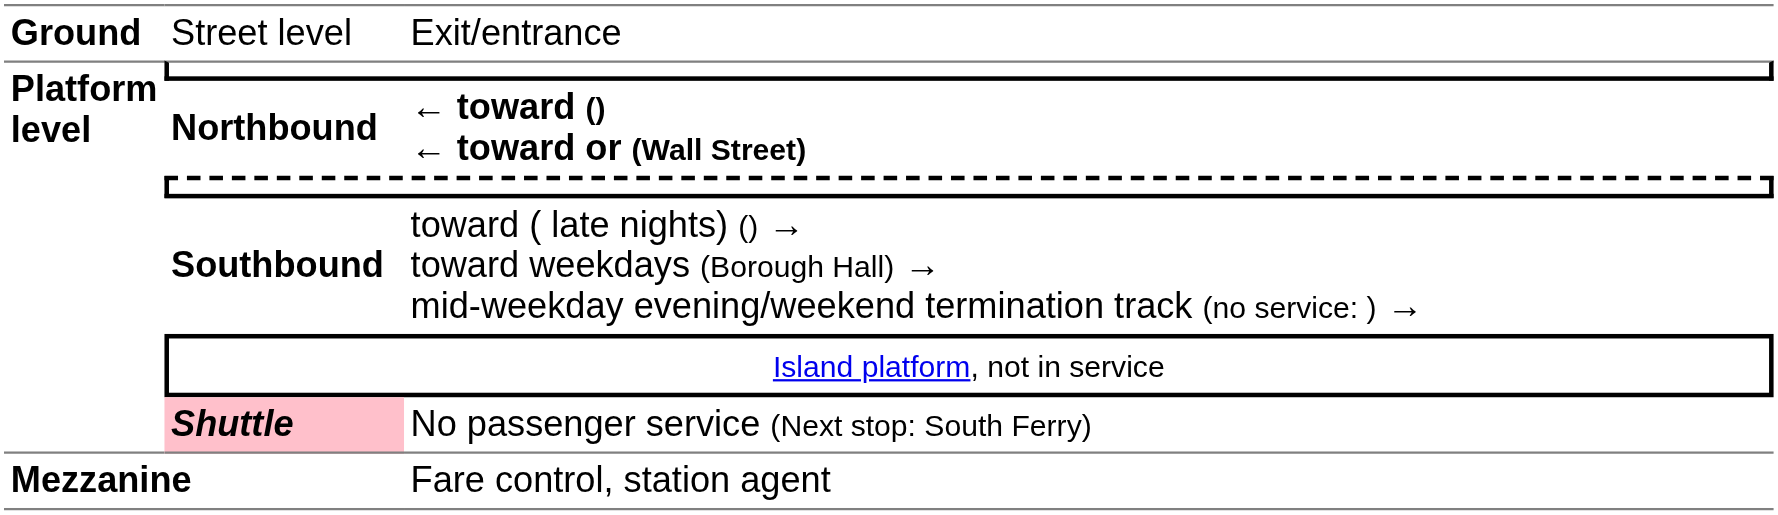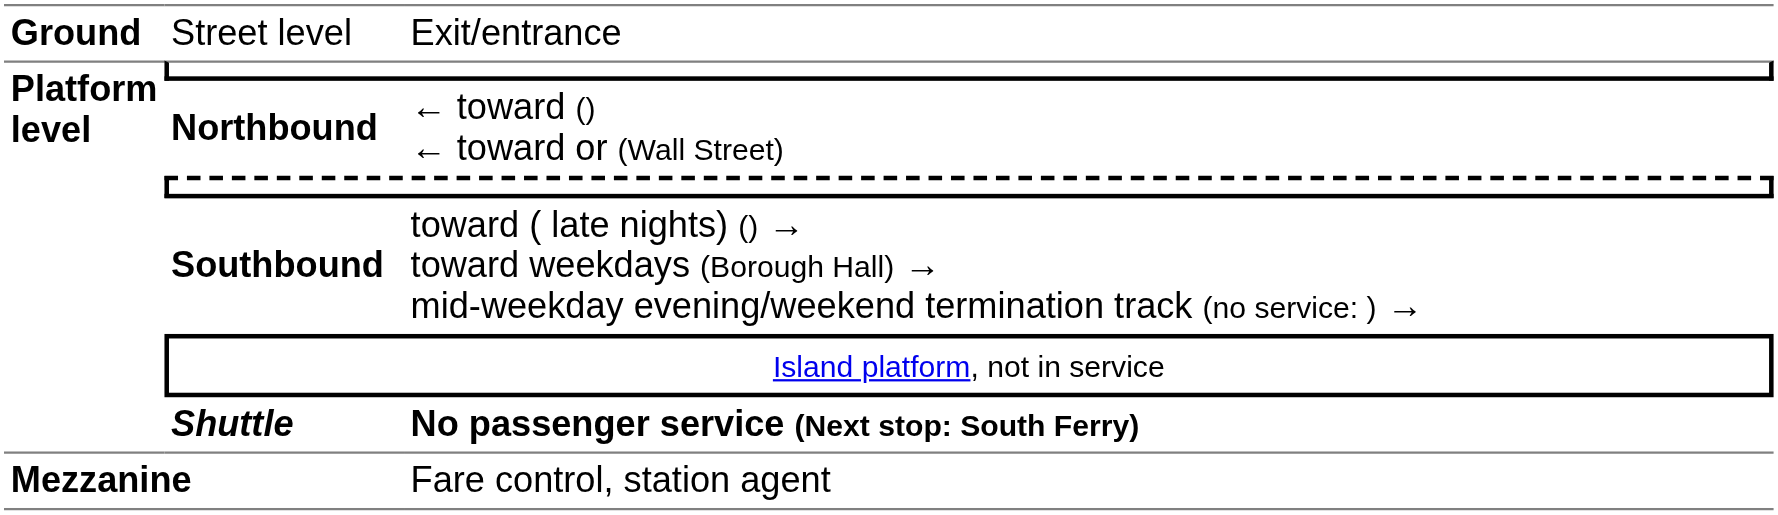 <table border=0 cellspacing=0 cellpadding=3>
 <tr>
 <td style="border-top:solid 1px gray;" width=50><strong>Ground</strong></td>
 <td style="border-top:solid 1px gray;" width=100>Street level</td>
 <td style="border-top:solid 1px gray;" width=600>Exit/entrance<br></td>
 </tr>
 <tr>
 <td style="border-top:solid 1px gray;border-bottom:solid 1px gray;vertical-align:top;" rowspan=6><strong>Platform<br>level</strong></td>
 <td style="border-top:solid 1px gray;border-right:solid 2px black;border-left:solid 2px black;border-bottom:solid 2px black;text-align:center;" colspan=2></td>
 </tr>
 <tr>
 <td><span><strong>Northbound</strong></span></td>
-<td><strong>←  toward  <small>()</small><br>←  toward  or  <small>(Wall Street)</small></strong></td>
+<td>←  toward  <small>()</small><br>←  toward  or  <small>(Wall Street)</small></td>
 </tr>
 <tr>
 <td style="border-top:dashed 2px black;border-right:solid 2px black;border-left:solid 2px black;border-bottom:solid 2px black;text-align:center;" colspan=2></td>
 </tr>
 <tr>
 <td><span><strong>Southbound</strong></span></td>
 <td>  toward  ( late nights) <small>()</small> →<br>  toward  weekdays <small>(Borough Hall)</small> →<br>  mid-weekday evening/weekend termination track <small>(no service: )</small> →</td>
 </tr>
 <tr>
 <td style="border-top:solid 2px black;border-right:solid 2px black;border-left:solid 2px black;border-bottom:solid 2px black;text-align:center;" colspan=2><small><a href='#'>Island platform</a>, not in service</small></td>
 </tr>
 <tr>
-<td style="background: pink; border-bottom:solid 1px gray;"><strong><em>Shuttle</em></strong></td>
-<td style="border-bottom:solid 1px gray;"> No passenger service <small>(Next stop: South Ferry)</small></td>
+<td style="border-bottom:solid 1px gray;"><strong><em>Shuttle</em></strong></td>
+<td style="border-bottom:solid 1px gray;"><strong> No passenger service <small>(Next stop: South Ferry)</small></strong></td>
 </tr>
 <tr>
 <td style="border-bottom:solid 1px gray;" colspan=2><strong>Mezzanine</strong></td>
 <td style="border-bottom:solid 1px gray;">Fare control, station agent</td>
 </tr>
 </table>
